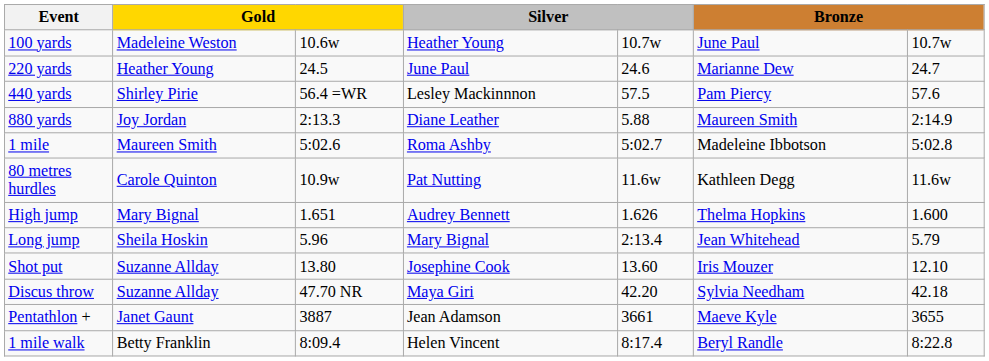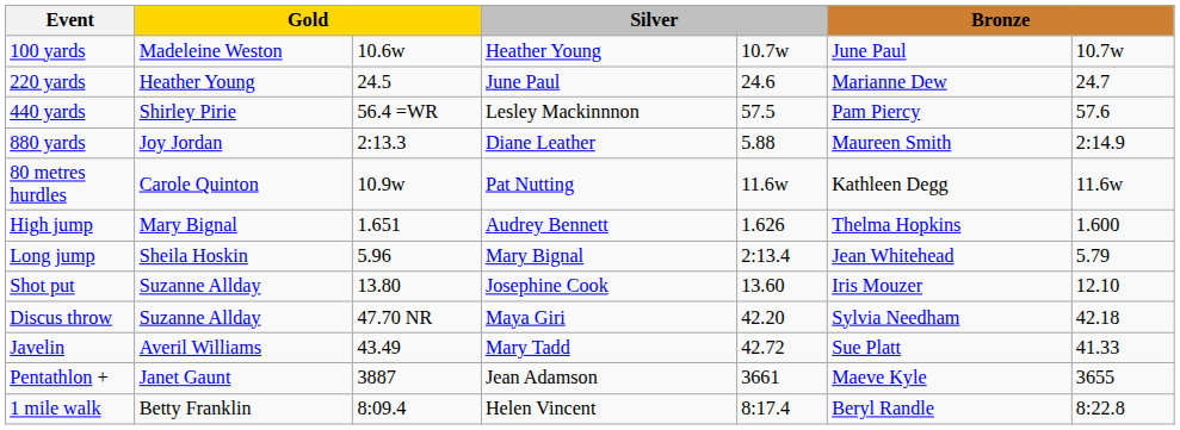 <table class="wikitable" style="text-align:left">
 <tr>
 <th width=100>Event</th>
 <th colspan="2" width="280" style="background:gold;">Gold</th>
 <th colspan="2" width="280" style="background:silver;">Silver</th>
 <th colspan="2" width="280" style="background:#CD7F32;">Bronze</th>
 </tr>
 <tr>
 <td><a href='#'>100 yards</a></td>
 <td><a href='#'>Madeleine Weston</a></td>
 <td>10.6w</td>
 <td><a href='#'>Heather Young</a></td>
 <td>10.7w</td>
 <td><a href='#'>June Paul</a></td>
 <td>10.7w</td>
 </tr>
 <tr>
 <td><a href='#'>220 yards</a></td>
 <td><a href='#'>Heather Young</a></td>
 <td>24.5</td>
 <td><a href='#'>June Paul</a></td>
 <td>24.6</td>
 <td><a href='#'>Marianne Dew</a></td>
 <td>24.7</td>
 </tr>
 <tr>
 <td><a href='#'>440 yards</a></td>
 <td><a href='#'>Shirley Pirie</a></td>
 <td>56.4 =WR</td>
 <td> Lesley Mackinnnon</td>
 <td>57.5</td>
 <td><a href='#'>Pam Piercy</a></td>
 <td>57.6</td>
 </tr>
 <tr>
 <td><a href='#'>880 yards</a></td>
 <td><a href='#'>Joy Jordan</a></td>
 <td>2:13.3</td>
 <td><a href='#'>Diane Leather</a></td>
 <td>5.88</td>
 <td><a href='#'>Maureen Smith</a></td>
 <td>2:14.9</td>
-</tr>
-<tr>
-<td><a href='#'>1 mile</a></td>
-<td><a href='#'>Maureen Smith</a></td>
-<td>5:02.6</td>
-<td><a href='#'>Roma Ashby</a></td>
-<td>5:02.7</td>
-<td>Madeleine Ibbotson</td>
-<td>5:02.8</td>
 </tr>
 <tr>
 <td><a href='#'>80 metres hurdles</a></td>
 <td><a href='#'>Carole Quinton</a></td>
 <td>10.9w</td>
 <td><a href='#'>Pat Nutting</a></td>
 <td>11.6w</td>
 <td>Kathleen Degg</td>
 <td>11.6w</td>
 </tr>
 <tr>
 <td><a href='#'>High jump</a></td>
 <td><a href='#'>Mary Bignal</a></td>
 <td>1.651</td>
 <td><a href='#'>Audrey Bennett</a></td>
 <td>1.626</td>
 <td><a href='#'>Thelma Hopkins</a></td>
 <td>1.600</td>
 </tr>
 <tr>
 <td><a href='#'>Long jump</a></td>
 <td><a href='#'>Sheila Hoskin</a></td>
 <td>5.96</td>
 <td><a href='#'>Mary Bignal</a></td>
 <td>2:13.4</td>
 <td><a href='#'>Jean Whitehead</a></td>
 <td>5.79</td>
 </tr>
 <tr>
 <td><a href='#'>Shot put</a></td>
 <td><a href='#'>Suzanne Allday</a></td>
 <td>13.80</td>
 <td><a href='#'>Josephine Cook</a></td>
 <td>13.60</td>
 <td><a href='#'>Iris Mouzer</a></td>
 <td>12.10</td>
 </tr>
 <tr>
 <td><a href='#'>Discus throw</a></td>
 <td><a href='#'>Suzanne Allday</a></td>
 <td>47.70 NR</td>
 <td><a href='#'>Maya Giri</a></td>
 <td>42.20</td>
 <td><a href='#'>Sylvia Needham</a></td>
 <td>42.18</td>
 </tr>
 <tr>
+<td><a href='#'>Javelin</a></td>
+<td><a href='#'>Averil Williams</a></td>
+<td>43.49</td>
+<td><a href='#'>Mary Tadd</a></td>
+<td>42.72</td>
+<td><a href='#'>Sue Platt</a></td>
+<td>41.33</td>
+</tr>
+<tr>
 <td><a href='#'>Pentathlon</a> +</td>
 <td><a href='#'>Janet Gaunt</a></td>
 <td>3887</td>
 <td>Jean Adamson</td>
 <td>3661</td>
 <td> <a href='#'>Maeve Kyle</a></td>
 <td>3655</td>
 </tr>
 <tr>
 <td><a href='#'>1 mile walk</a></td>
 <td>Betty Franklin</td>
 <td>8:09.4</td>
 <td>Helen Vincent</td>
 <td>8:17.4</td>
 <td><a href='#'>Beryl Randle</a></td>
 <td>8:22.8</td>
 </tr>
 </table>
